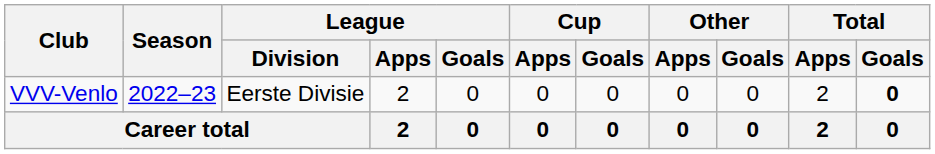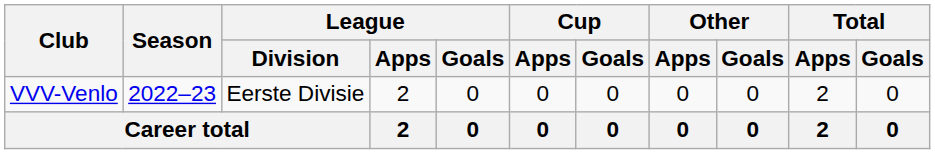 <table class="wikitable" style="text-align:center">
 <tr>
 <th rowspan="2">Club</th>
 <th rowspan="2">Season</th>
 <th colspan="3">League</th>
 <th colspan="2">Cup</th>
 <th colspan="2">Other</th>
 <th colspan="2">Total</th>
 </tr>
 <tr>
 <th>Division</th>
 <th>Apps</th>
 <th>Goals</th>
 <th>Apps</th>
 <th>Goals</th>
 <th>Apps</th>
 <th>Goals</th>
 <th>Apps</th>
 <th>Goals</th>
 </tr>
 <tr>
 <td><a href='#'>VVV-Venlo</a></td>
 <td><a href='#'>2022–23</a></td>
 <td>Eerste Divisie</td>
 <td>2</td>
 <td>0</td>
 <td>0</td>
 <td>0</td>
 <td>0</td>
 <td>0</td>
 <td>2</td>
-<td><strong>0</strong></td>
+<td>0</td>
 </tr>
 <tr>
 <th colspan="3">Career total</th>
 <th>2</th>
 <th>0</th>
 <th>0</th>
 <th>0</th>
 <th>0</th>
 <th>0</th>
 <th>2</th>
 <th>0</th>
 </tr>
 </table>
